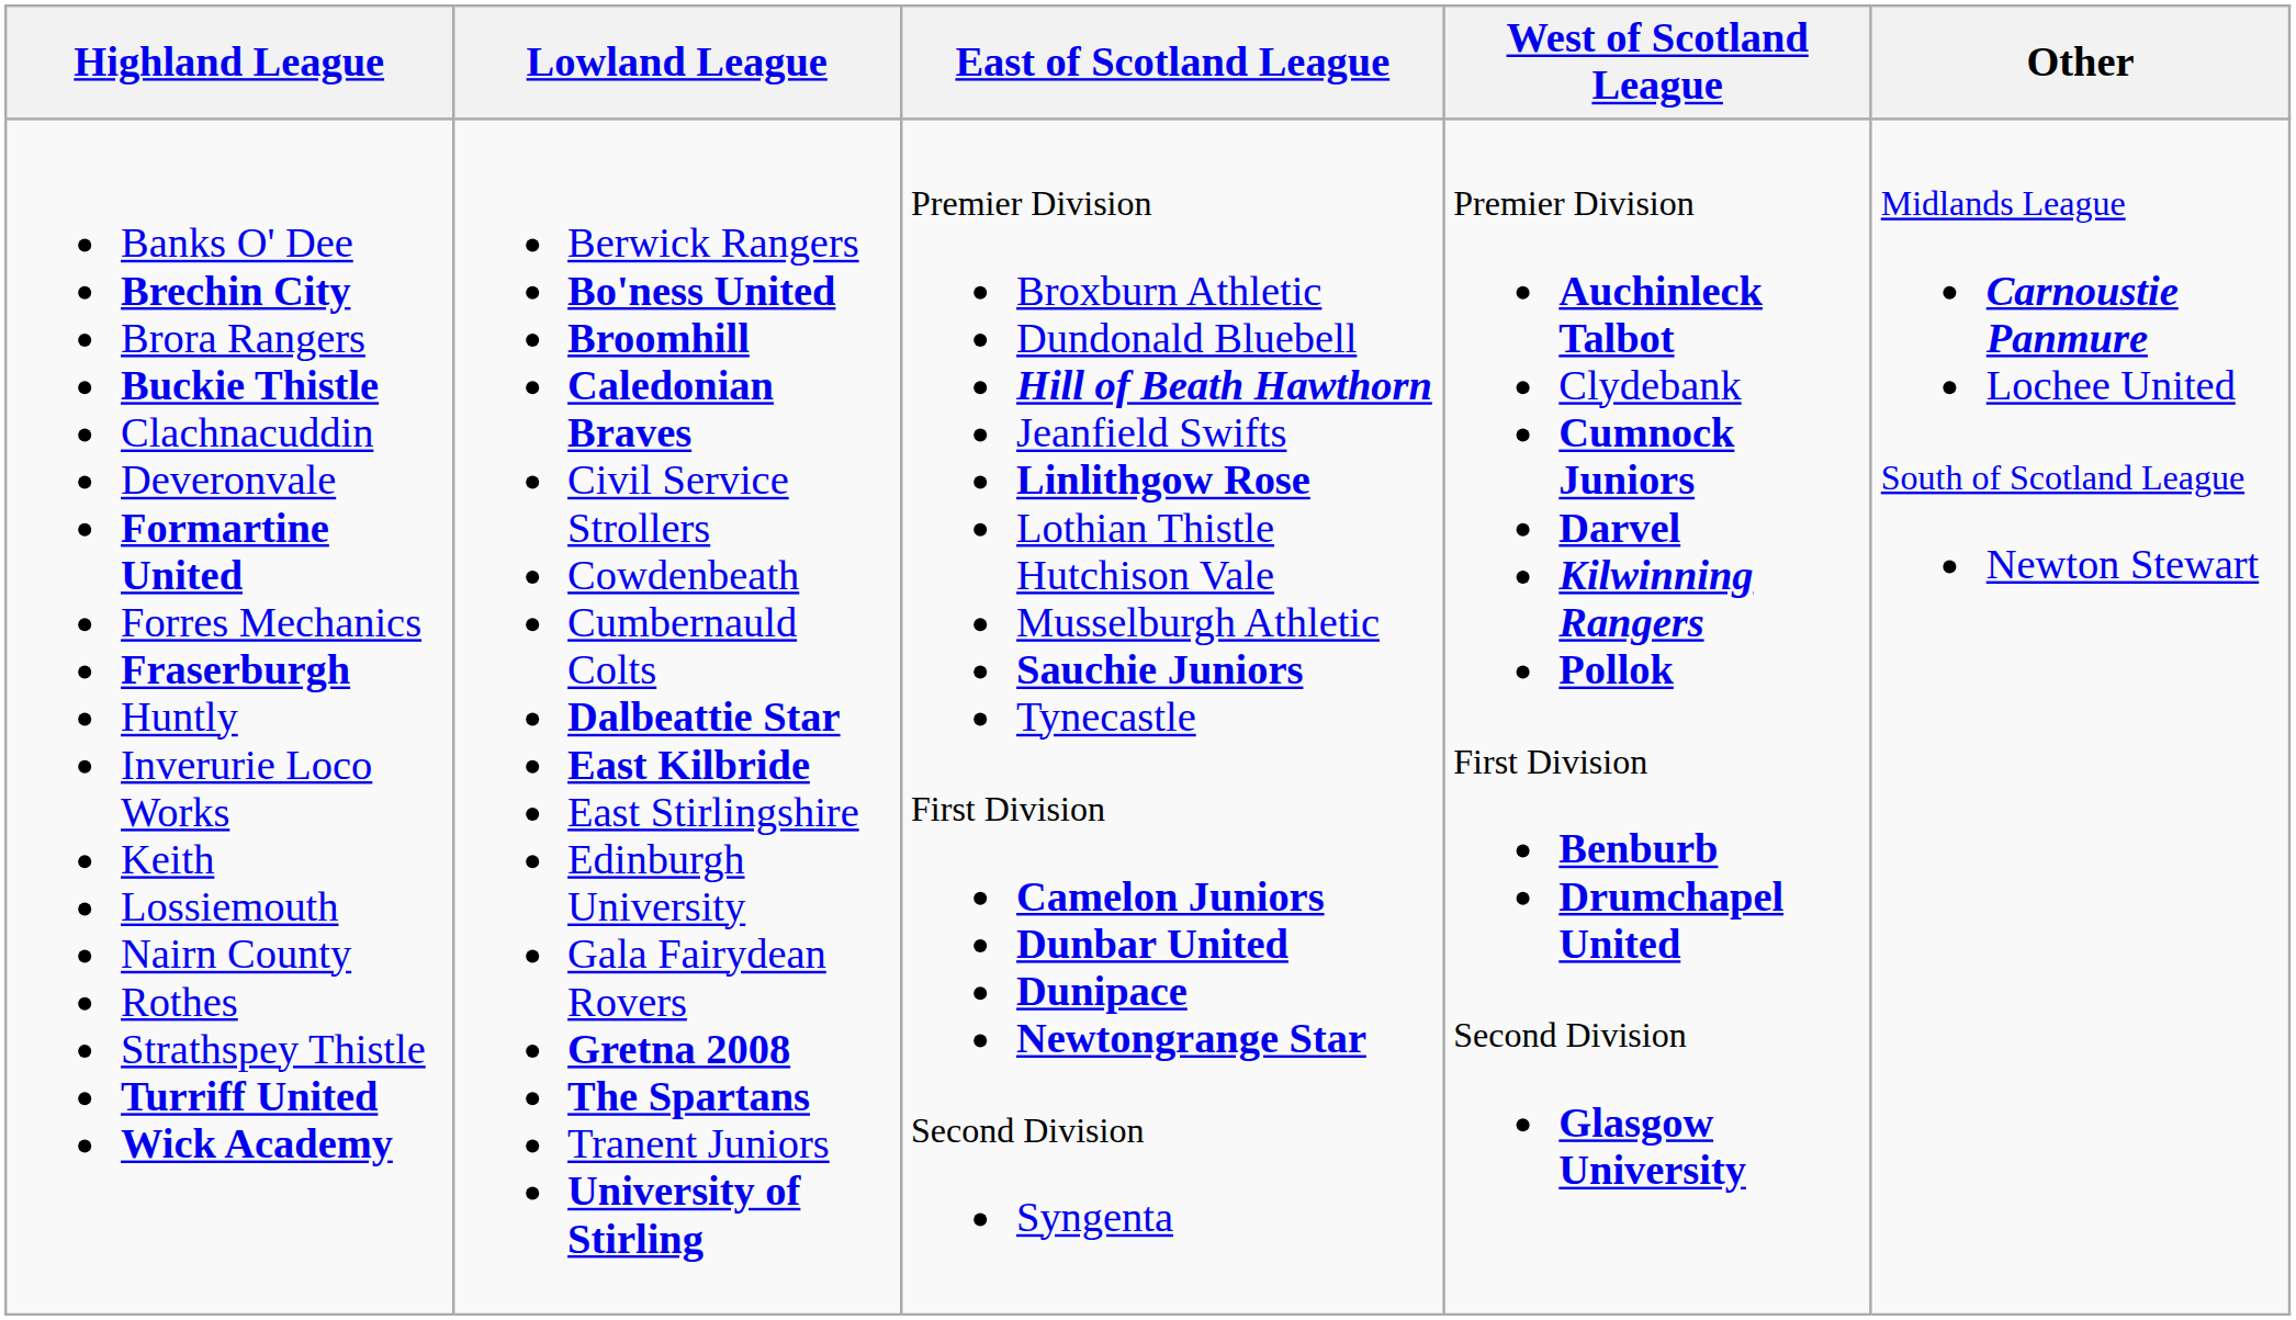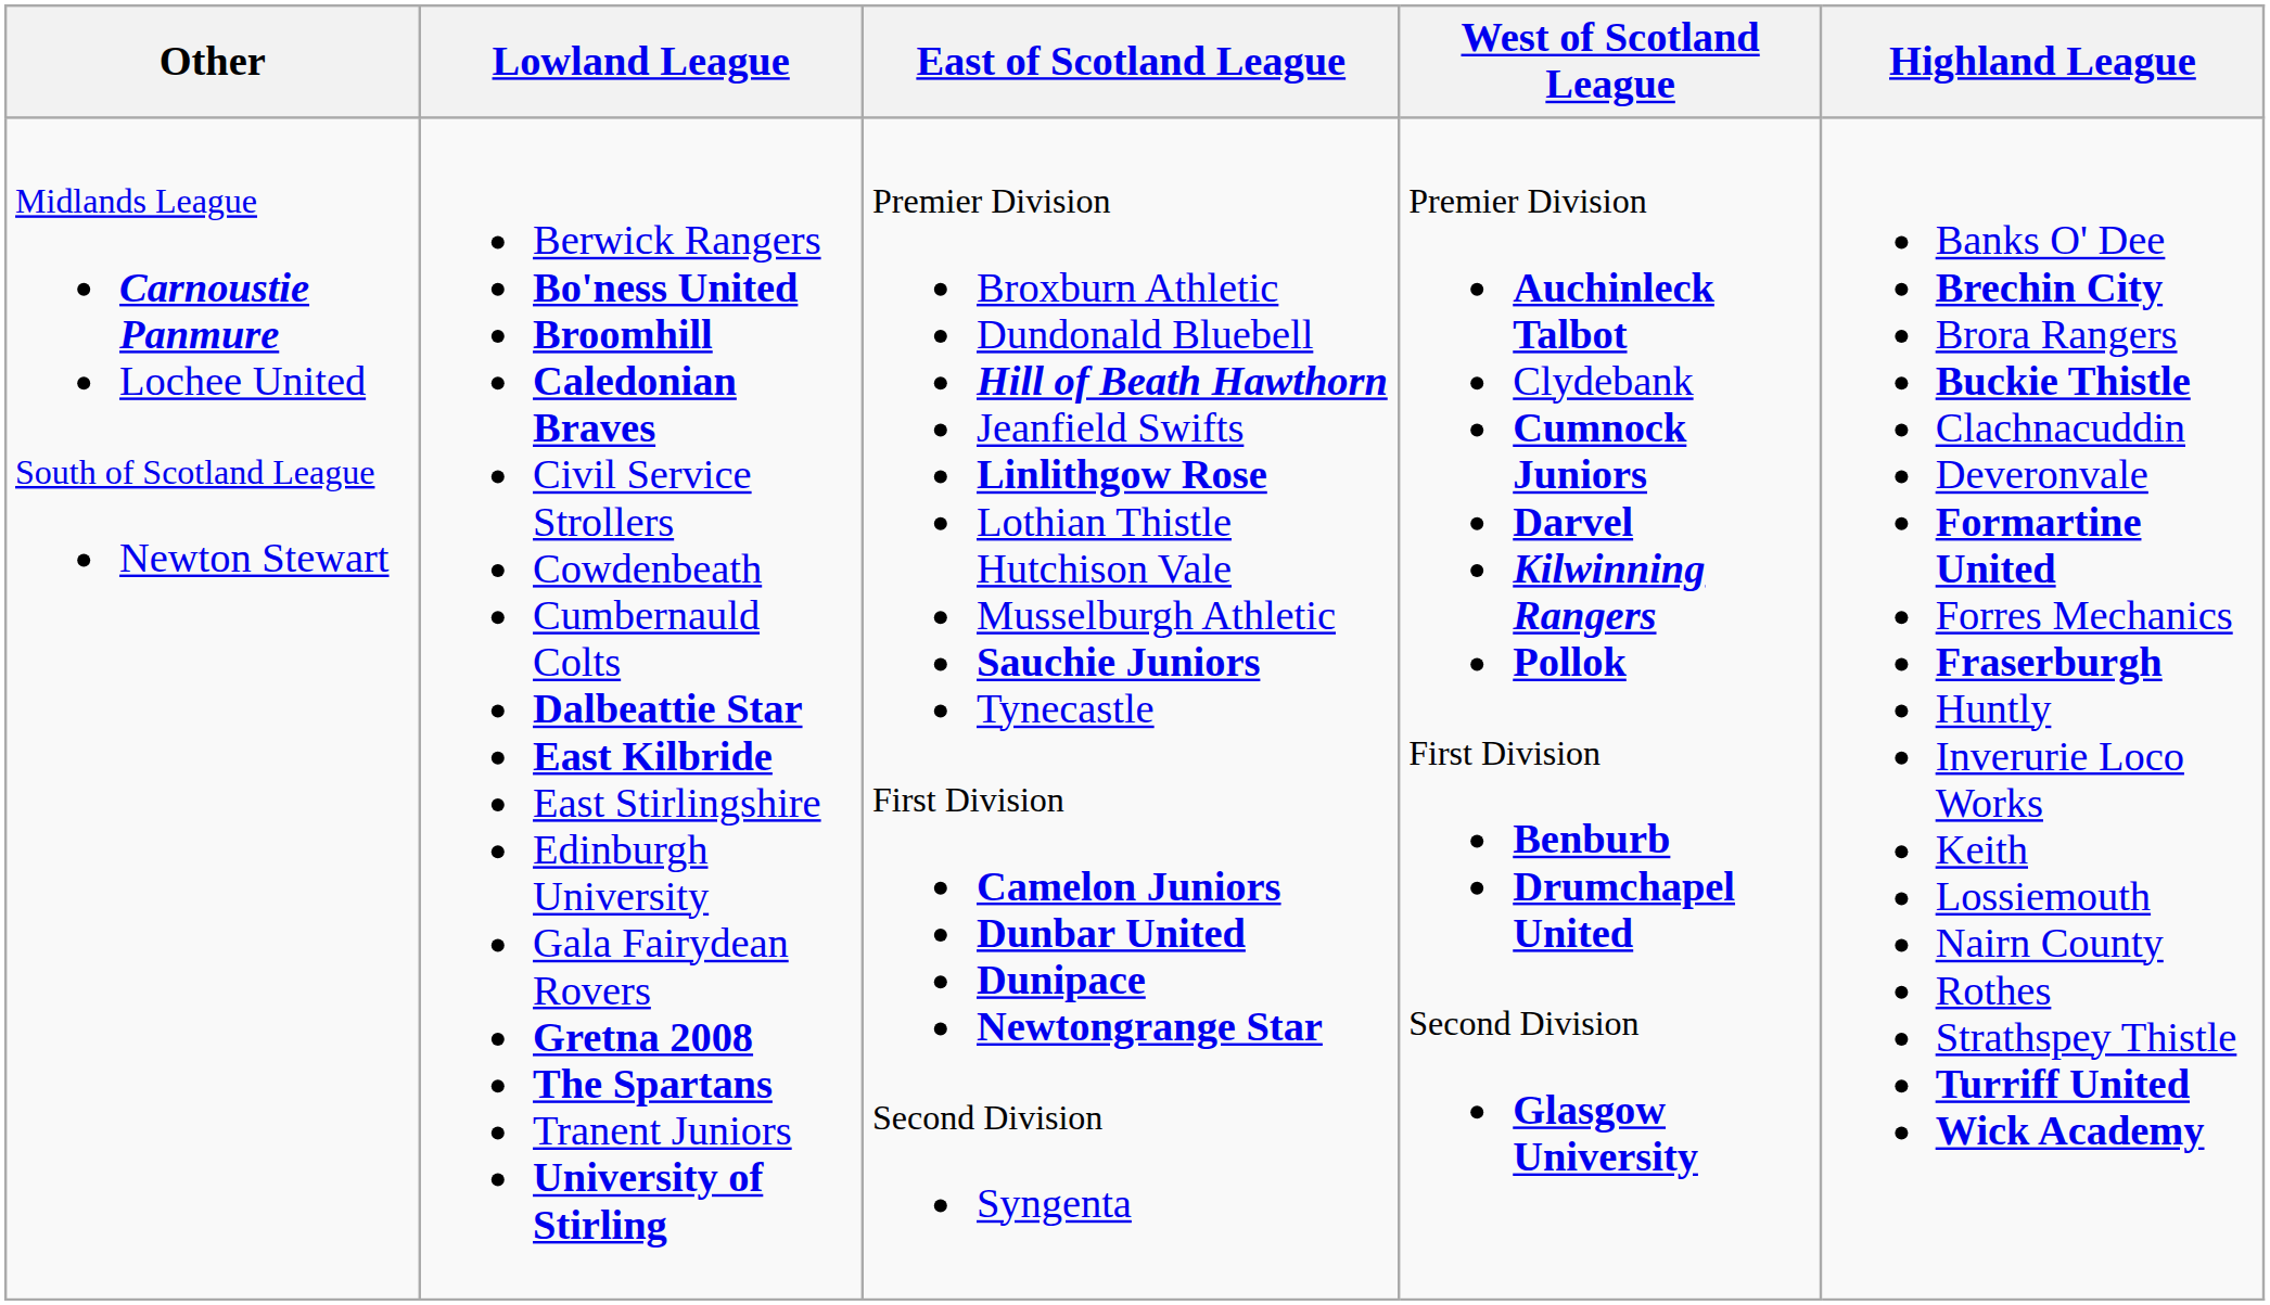 <table class="wikitable" style="text-align:left">
 <tr>
-<th><a href='#'>Highland League</a></th>
+<th>Other</th>
 <th><a href='#'>Lowland League</a></th>
 <th><a href='#'>East of Scotland League</a></th>
 <th><a href='#'>West of Scotland League</a></th>
-<th>Other</th>
+<th><a href='#'>Highland League</a></th>
 </tr>
 <tr>
-<td valign=top><br><ul><li><a href='#'>Banks O' Dee</a></li><li><strong><a href='#'>Brechin City</a></strong></li><li><a href='#'>Brora Rangers</a></li><li><strong><a href='#'>Buckie Thistle</a></strong></li><li><a href='#'>Clachnacuddin</a></li><li><a href='#'>Deveronvale</a></li><li><strong><a href='#'>Formartine United</a></strong></li><li><a href='#'>Forres Mechanics</a></li><li><strong><a href='#'>Fraserburgh</a></strong></li><li><a href='#'>Huntly</a></li><li><a href='#'>Inverurie Loco Works</a></li><li><a href='#'>Keith</a></li><li><a href='#'>Lossiemouth</a></li><li><a href='#'>Nairn County</a></li><li><a href='#'>Rothes</a></li><li><a href='#'>Strathspey Thistle</a></li><li><strong><a href='#'>Turriff United</a></strong></li><li><strong><a href='#'>Wick Academy</a></strong></li></ul></td>
+<td valign=top><br><small><a href='#'>Midlands League</a></small><ul><li><strong><em><a href='#'>Carnoustie Panmure</a></em></strong></li><li><a href='#'>Lochee United</a></li></ul><small><a href='#'>South of Scotland League</a></small><ul><li><a href='#'>Newton Stewart</a></li></ul></td>
 <td valign=top><br><ul><li><a href='#'>Berwick Rangers</a></li><li><strong><a href='#'>Bo'ness United</a></strong></li><li><strong><a href='#'>Broomhill</a></strong></li><li><strong><a href='#'>Caledonian Braves</a></strong></li><li><a href='#'>Civil Service Strollers</a></li><li><a href='#'>Cowdenbeath</a></li><li><a href='#'>Cumbernauld Colts</a></li><li><strong><a href='#'>Dalbeattie Star</a></strong></li><li><strong><a href='#'>East Kilbride</a></strong></li><li><a href='#'>East Stirlingshire</a></li><li><a href='#'>Edinburgh University</a></li><li><a href='#'>Gala Fairydean Rovers</a></li><li><strong><a href='#'>Gretna 2008</a></strong></li><li><strong><a href='#'>The Spartans</a></strong></li><li><a href='#'>Tranent Juniors</a></li><li><strong><a href='#'>University of Stirling</a></strong></li></ul></td>
 <td valign=top><br><small>Premier Division</small><ul><li><a href='#'>Broxburn Athletic</a></li><li><a href='#'>Dundonald Bluebell</a></li><li><strong><em><a href='#'>Hill of Beath Hawthorn</a></em></strong></li><li><a href='#'>Jeanfield Swifts</a></li><li><strong><a href='#'>Linlithgow Rose</a></strong></li><li><a href='#'>Lothian Thistle Hutchison Vale</a></li><li><a href='#'>Musselburgh Athletic</a></li><li><strong><a href='#'>Sauchie Juniors</a></strong></li><li><a href='#'>Tynecastle</a></li></ul><small>First Division</small><ul><li><strong><a href='#'>Camelon Juniors</a></strong></li><li><strong><a href='#'>Dunbar United</a></strong></li><li><strong><a href='#'>Dunipace</a></strong></li><li><strong><a href='#'>Newtongrange Star</a></strong></li></ul><small>Second Division</small><ul><li><a href='#'>Syngenta</a></li></ul></td>
 <td valign=top><br><small>Premier Division</small><ul><li><strong><a href='#'>Auchinleck Talbot</a></strong></li><li><a href='#'>Clydebank</a></li><li><strong><a href='#'>Cumnock Juniors</a></strong></li><li><strong><a href='#'>Darvel</a></strong></li><li><strong><em><a href='#'>Kilwinning Rangers</a></em></strong></li><li><strong><a href='#'>Pollok</a></strong></li></ul><small>First Division</small><ul><li><strong><a href='#'>Benburb</a></strong></li><li><strong><a href='#'>Drumchapel United</a></strong></li></ul><small>Second Division</small><ul><li><strong><a href='#'>Glasgow University</a></strong></li></ul></td>
-<td valign=top><br><small><a href='#'>Midlands League</a></small><ul><li><strong><em><a href='#'>Carnoustie Panmure</a></em></strong></li><li><a href='#'>Lochee United</a></li></ul><small><a href='#'>South of Scotland League</a></small><ul><li><a href='#'>Newton Stewart</a></li></ul></td>
+<td valign=top><br><ul><li><a href='#'>Banks O' Dee</a></li><li><strong><a href='#'>Brechin City</a></strong></li><li><a href='#'>Brora Rangers</a></li><li><strong><a href='#'>Buckie Thistle</a></strong></li><li><a href='#'>Clachnacuddin</a></li><li><a href='#'>Deveronvale</a></li><li><strong><a href='#'>Formartine United</a></strong></li><li><a href='#'>Forres Mechanics</a></li><li><strong><a href='#'>Fraserburgh</a></strong></li><li><a href='#'>Huntly</a></li><li><a href='#'>Inverurie Loco Works</a></li><li><a href='#'>Keith</a></li><li><a href='#'>Lossiemouth</a></li><li><a href='#'>Nairn County</a></li><li><a href='#'>Rothes</a></li><li><a href='#'>Strathspey Thistle</a></li><li><strong><a href='#'>Turriff United</a></strong></li><li><strong><a href='#'>Wick Academy</a></strong></li></ul></td>
 </tr>
 </table>
